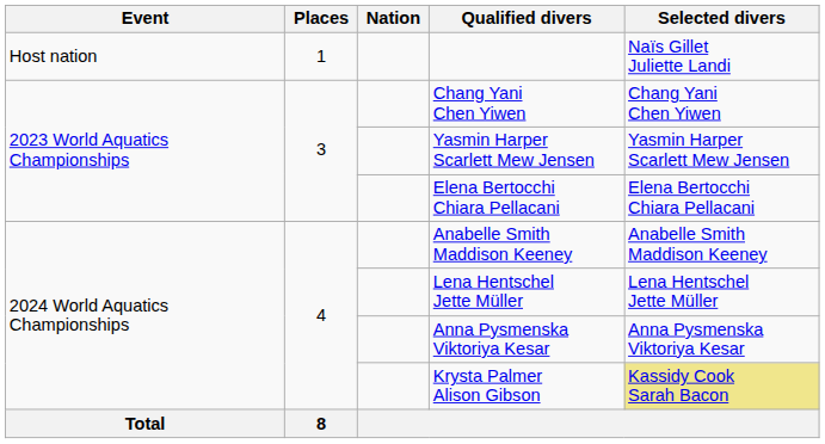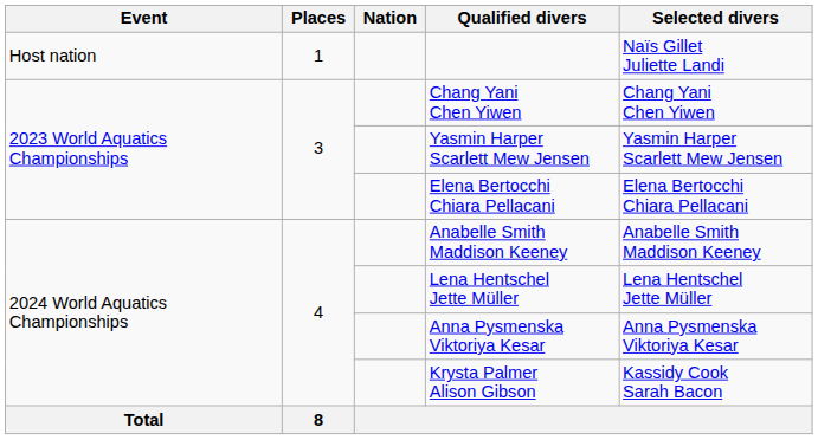 <table class="wikitable" width=750>
 <tr>
 <th width=250>Event</th>
 <th>Places</th>
 <th>Nation</th>
 <th>Qualified divers</th>
 <th>Selected divers</th>
 </tr>
 <tr>
 <td>Host nation</td>
 <td align=center>1</td>
 <td></td>
 <td></td>
 <td><a href='#'>Naïs Gillet</a><br><a href='#'>Juliette Landi</a></td>
 </tr>
 <tr>
 <td rowspan=3><a href='#'>2023 World Aquatics Championships</a></td>
 <td rowspan=3 align=center>3</td>
 <td></td>
 <td><a href='#'>Chang Yani</a><br><a href='#'>Chen Yiwen</a></td>
 <td><a href='#'>Chang Yani</a><br><a href='#'>Chen Yiwen</a></td>
 </tr>
 <tr>
 <td></td>
 <td><a href='#'>Yasmin Harper</a><br><a href='#'>Scarlett Mew Jensen</a></td>
 <td><a href='#'>Yasmin Harper</a><br><a href='#'>Scarlett Mew Jensen</a></td>
 </tr>
 <tr>
 <td></td>
 <td><a href='#'>Elena Bertocchi</a><br><a href='#'>Chiara Pellacani</a></td>
 <td><a href='#'>Elena Bertocchi</a><br><a href='#'>Chiara Pellacani</a></td>
 </tr>
 <tr>
 <td rowspan=4>2024 World Aquatics Championships</td>
 <td rowspan=4 align=center>4</td>
 <td></td>
 <td><a href='#'>Anabelle Smith</a><br><a href='#'>Maddison Keeney</a></td>
 <td><a href='#'>Anabelle Smith</a><br><a href='#'>Maddison Keeney</a></td>
 </tr>
 <tr>
 <td></td>
 <td><a href='#'>Lena Hentschel</a><br><a href='#'>Jette Müller</a></td>
 <td><a href='#'>Lena Hentschel</a><br><a href='#'>Jette Müller</a></td>
 </tr>
 <tr>
 <td></td>
 <td><a href='#'>Anna Pysmenska</a><br><a href='#'>Viktoriya Kesar</a></td>
 <td><a href='#'>Anna Pysmenska</a><br><a href='#'>Viktoriya Kesar</a></td>
 </tr>
 <tr>
 <td></td>
 <td><a href='#'>Krysta Palmer</a><br><a href='#'>Alison Gibson</a></td>
-<td style="background: khaki;"><a href='#'>Kassidy Cook</a><br><a href='#'>Sarah Bacon</a></td>
+<td><a href='#'>Kassidy Cook</a><br><a href='#'>Sarah Bacon</a></td>
 </tr>
 <tr>
 <th>Total</th>
 <th>8</th>
 <th colspan=3></th>
 </tr>
 </table>
